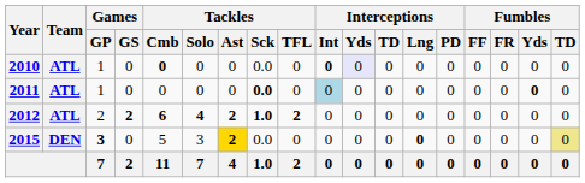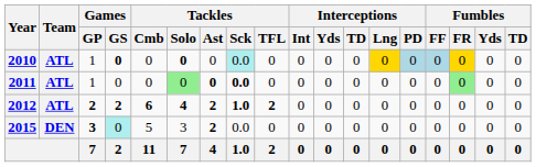 <table class="wikitable" style="text-align:center">
 <tr>
 <th rowspan="2">Year</th>
 <th rowspan="2">Team</th>
 <th colspan="2">Games</th>
 <th colspan="5">Tackles</th>
 <th colspan="5">Interceptions</th>
 <th colspan="4">Fumbles</th>
 </tr>
 <tr>
 <th>GP</th>
 <th>GS</th>
 <th>Cmb</th>
 <th>Solo</th>
 <th>Ast</th>
 <th>Sck</th>
 <th>TFL</th>
 <th>Int</th>
 <th>Yds</th>
 <th>TD</th>
 <th>Lng</th>
 <th>PD</th>
 <th>FF</th>
 <th>FR</th>
 <th>Yds</th>
 <th>TD</th>
 </tr>
 <tr>
 <th><a href='#'>2010</a></th>
 <th><a href='#'>ATL</a></th>
 <td>1</td>
+<td><strong>0</strong></td>
 <td>0</td>
 <td><strong>0</strong></td>
 <td>0</td>
-<td>0</td>
-<td>0.0</td>
-<td>0</td>
-<td><strong>0</strong></td>
-<td style="background: lavender;">0</td>
+<td style="background: paleturquoise;">0.0</td>
 <td>0</td>
 <td>0</td>
 <td>0</td>
 <td>0</td>
-<td>0</td>
+<td style="background: gold;">0</td>
+<td style="background: lightblue;">0</td>
+<td style="background: lightblue;">0</td>
+<td style="background: gold;">0</td>
 <td>0</td>
 <td>0</td>
 </tr>
 <tr>
 <th><a href='#'>2011</a></th>
 <th><a href='#'>ATL</a></th>
 <td>1</td>
 <td>0</td>
 <td>0</td>
-<td>0</td>
-<td>0</td>
+<td style="background: lightgreen;">0</td>
+<td><strong>0</strong></td>
 <td><strong>0.0</strong></td>
-<td>0</td>
-<td style="background: lightblue;">0</td>
 <td>0</td>
 <td>0</td>
 <td>0</td>
 <td>0</td>
 <td>0</td>
 <td>0</td>
-<td><strong>0</strong></td>
+<td>0</td>
+<td style="background: lightgreen;">0</td>
+<td>0</td>
 <td>0</td>
 </tr>
 <tr>
 <th><a href='#'>2012</a></th>
 <th><a href='#'>ATL</a></th>
-<td>2</td>
+<td><strong>2</strong></td>
 <td><strong>2</strong></td>
 <td><strong>6</strong></td>
 <td><strong>4</strong></td>
 <td><strong>2</strong></td>
 <td><strong>1.0</strong></td>
 <td><strong>2</strong></td>
 <td>0</td>
 <td>0</td>
 <td>0</td>
 <td>0</td>
 <td>0</td>
 <td>0</td>
 <td>0</td>
 <td>0</td>
 <td>0</td>
 </tr>
 <tr>
 <th><a href='#'>2015</a></th>
 <th><a href='#'>DEN</a></th>
 <td><strong>3</strong></td>
-<td>0</td>
+<td style="background: paleturquoise;">0</td>
 <td>5</td>
 <td>3</td>
-<td style="background: gold;"><strong>2</strong></td>
+<td><strong>2</strong></td>
 <td>0.0</td>
 <td>0</td>
 <td>0</td>
 <td>0</td>
 <td>0</td>
-<td><strong>0</strong></td>
 <td>0</td>
 <td>0</td>
 <td>0</td>
 <td>0</td>
-<td style="background: khaki;">0</td>
+<td>0</td>
+<td>0</td>
 </tr>
 <tr>
 <th colspan="2"></th>
 <th>7</th>
 <th>2</th>
 <th>11</th>
 <th>7</th>
 <th>4</th>
 <th>1.0</th>
 <th>2</th>
 <th>0</th>
 <th>0</th>
 <th>0</th>
 <th>0</th>
 <th>0</th>
 <th>0</th>
 <th>0</th>
 <th>0</th>
 <th>0</th>
 </tr>
 </table>
